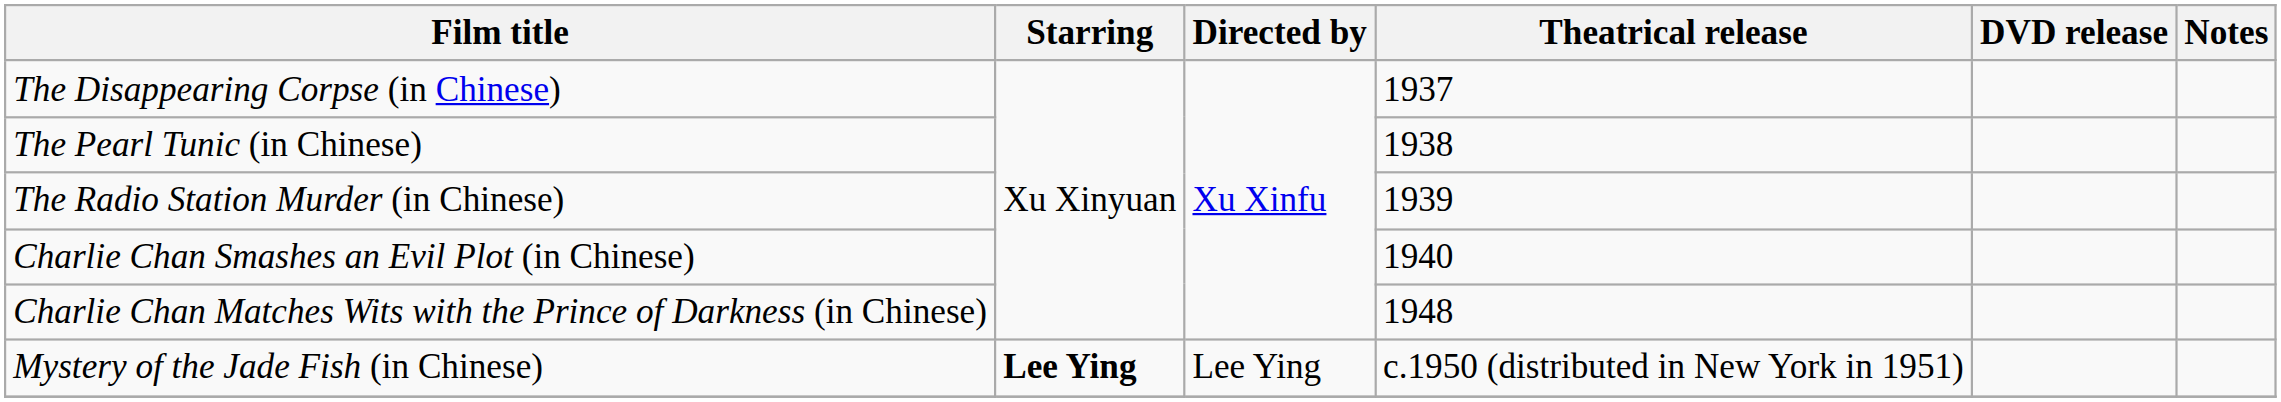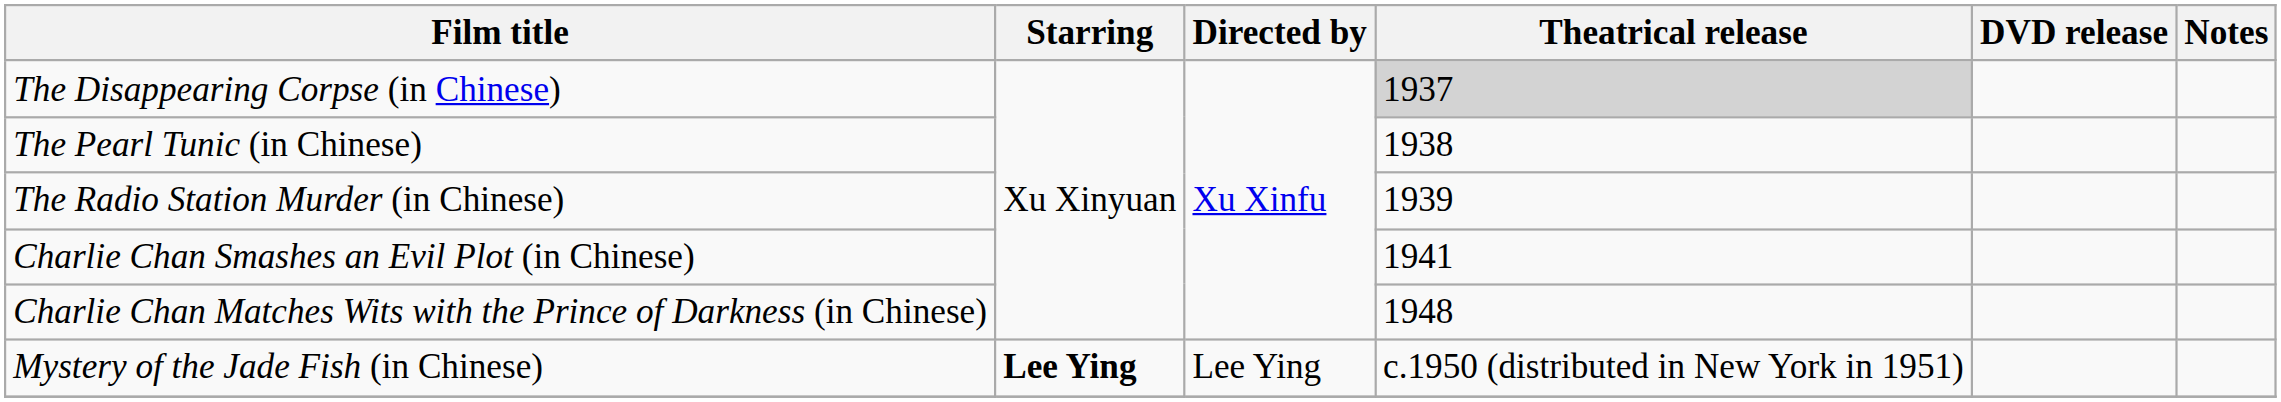 <table class="sortable wikitable">
 <tr>
 <th>Film title</th>
 <th>Starring</th>
 <th>Directed by</th>
 <th>Theatrical release</th>
 <th>DVD release</th>
 <th class="unsortable">Notes</th>
 </tr>
 <tr>
 <td><em>The Disappearing Corpse</em> (in <a href='#'>Chinese</a>)</td>
 <td rowspan=5>Xu Xinyuan</td>
 <td rowspan=5><a href='#'>Xu Xinfu</a></td>
-<td>1937</td>
+<td style="background: lightgrey;">1937</td>
 <td></td>
 <td></td>
 </tr>
 <tr>
 <td><em>The Pearl Tunic</em> (in Chinese)</td>
 <td>1938</td>
 <td></td>
 <td></td>
 </tr>
 <tr>
 <td><em>The Radio Station Murder</em> (in Chinese)</td>
 <td>1939</td>
 <td></td>
 <td></td>
 </tr>
 <tr>
 <td><em>Charlie Chan Smashes an Evil Plot</em> (in Chinese)</td>
-<td>1940</td>
+<td>1941</td>
 <td></td>
 <td></td>
 </tr>
 <tr>
 <td><em>Charlie Chan Matches Wits with the Prince of Darkness</em> (in Chinese)</td>
 <td>1948</td>
 <td></td>
 <td></td>
 </tr>
 <tr>
 <td><em>Mystery of the Jade Fish</em> (in Chinese)</td>
 <td><strong>Lee Ying</strong></td>
 <td>Lee Ying</td>
 <td>c.1950 (distributed in New York in 1951)</td>
 <td></td>
 <td></td>
 </tr>
 <tr>
 </tr>
 </table>
